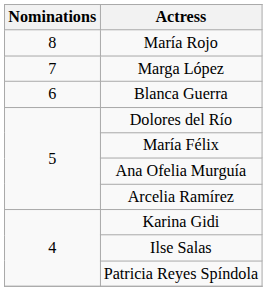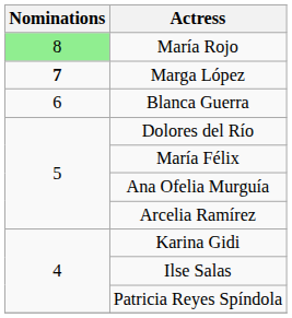 <table class="wikitable" rowspan=2 style="text-align: center;">
 <tr>
 <th scope="col" width="55">Nominations</th>
 <th scope="col" align="center">Actress</th>
 </tr>
 <tr>
-<td rowspan="1" style="text-align:center;">8</td>
+<td rowspan="1" style="background: lightgreen; text-align:center;">8</td>
 <td>María Rojo</td>
 </tr>
 <tr>
-<td rowspan="1" style="text-align:center;">7</td>
+<td rowspan="1" style="text-align:center;"><strong>7</strong></td>
 <td>Marga López</td>
 </tr>
 <tr>
 <td rowspan="1" style="text-align:center;">6</td>
 <td>Blanca Guerra</td>
 </tr>
 <tr>
 <td rowspan="4" style="text-align:center;">5</td>
 <td>Dolores del Río</td>
 </tr>
 <tr>
 <td>María Félix</td>
 </tr>
 <tr>
 <td>Ana Ofelia Murguía</td>
 </tr>
 <tr>
 <td>Arcelia Ramírez</td>
 </tr>
 <tr>
 <td rowspan="3" style="text-align:center;">4</td>
 <td>Karina Gidi</td>
 </tr>
 <tr>
 <td>Ilse Salas</td>
 </tr>
 <tr>
 <td>Patricia Reyes Spíndola</td>
 </tr>
 <tr>
 </tr>
 </table>
